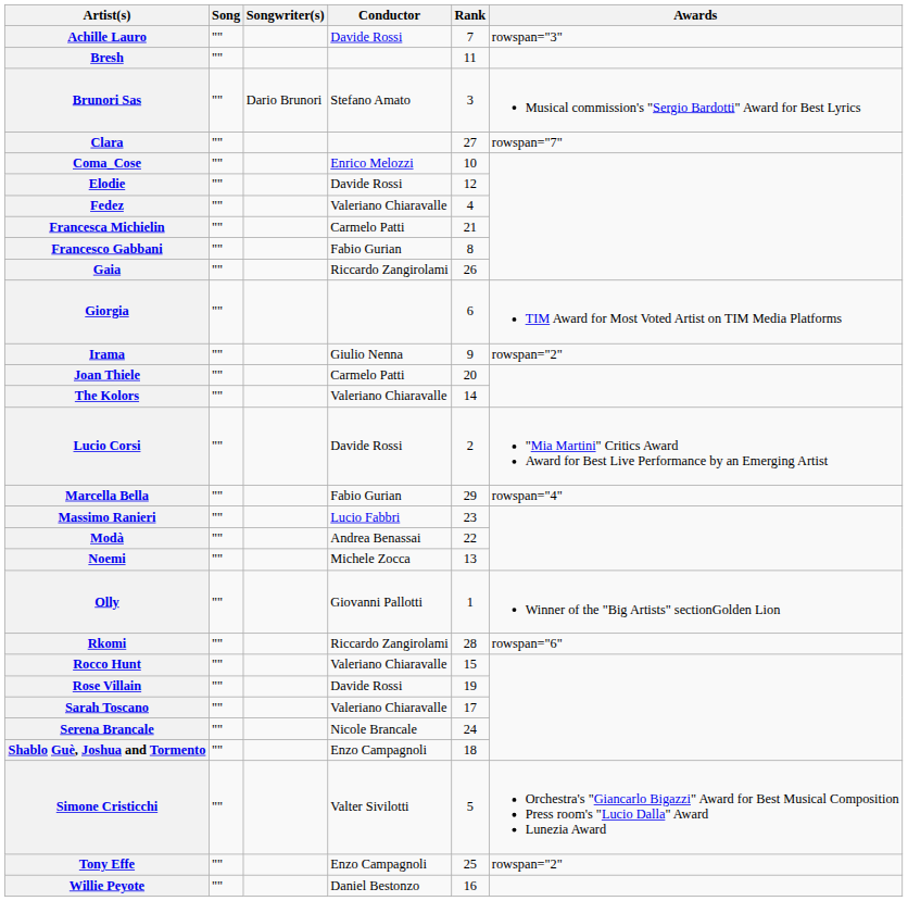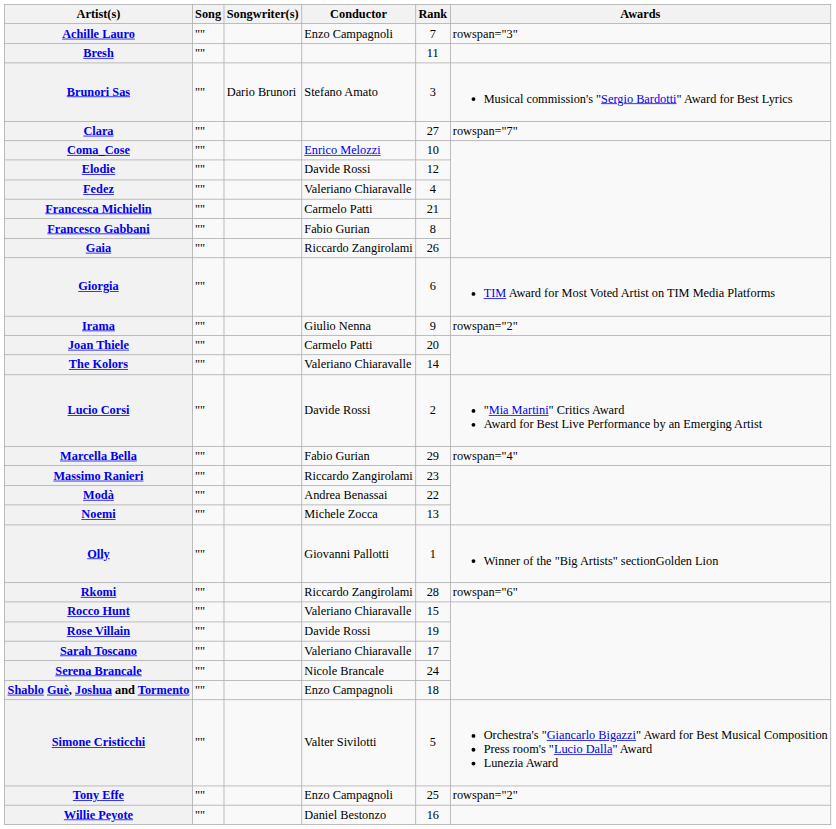 <table class="wikitable sortable plainrowheaders" style="margin: 1em auto 1em auto">
 <tr>
 <th>Artist(s)</th>
 <th>Song</th>
 <th>Songwriter(s)</th>
 <th>Conductor</th>
 <th>Rank</th>
 <th>Awards</th>
 </tr>
 <tr>
 <th scope="row"><a href='#'>Achille Lauro</a></th>
 <td>""</td>
 <td></td>
-<td><a href='#'>Davide Rossi</a></td>
+<td>Enzo Campagnoli</td>
 <td align="center">7</td>
 <td>rowspan="3" </td>
 </tr>
 <tr>
 <th scope="row"><a href='#'>Bresh</a></th>
 <td>""</td>
 <td></td>
 <td></td>
 <td align="center">11</td>
 </tr>
 <tr>
 <th scope="row"><a href='#'>Brunori Sas</a></th>
 <td>""</td>
 <td>Dario Brunori</td>
 <td>Stefano Amato</td>
 <td align="center">3</td>
 <td><br><ul><li>Musical commission's "<a href='#'>Sergio Bardotti</a>" Award for Best Lyrics</li></ul></td>
 </tr>
 <tr>
 <th scope="row"><a href='#'>Clara</a></th>
 <td>""</td>
 <td></td>
 <td></td>
 <td align="center">27</td>
 <td>rowspan="7" </td>
 </tr>
 <tr>
 <th scope="row"><a href='#'>Coma_Cose</a></th>
 <td>""</td>
 <td></td>
 <td><a href='#'>Enrico Melozzi</a></td>
 <td align="center">10</td>
 </tr>
 <tr>
 <th scope="row"><a href='#'>Elodie</a></th>
 <td>""</td>
 <td></td>
 <td>Davide Rossi</td>
 <td align="center">12</td>
 </tr>
 <tr>
 <th scope="row"><a href='#'>Fedez</a></th>
 <td>""</td>
 <td></td>
 <td>Valeriano Chiaravalle</td>
 <td align="center">4</td>
 </tr>
 <tr>
 <th scope="row"><a href='#'>Francesca Michielin</a></th>
 <td>""</td>
 <td></td>
 <td>Carmelo Patti</td>
 <td align="center">21</td>
 </tr>
 <tr>
 <th scope="row"><a href='#'>Francesco Gabbani</a></th>
 <td>""</td>
 <td></td>
 <td>Fabio Gurian</td>
 <td align="center">8</td>
 </tr>
 <tr>
 <th scope="row"><a href='#'>Gaia</a></th>
 <td>""</td>
 <td></td>
 <td>Riccardo Zangirolami</td>
 <td align="center">26</td>
 </tr>
 <tr>
 <th scope="row"><a href='#'>Giorgia</a></th>
 <td>""</td>
 <td></td>
 <td></td>
 <td align="center">6</td>
 <td><br><ul><li><a href='#'>TIM</a> Award for Most Voted Artist on TIM Media Platforms</li></ul></td>
 </tr>
 <tr>
 <th scope="row"><a href='#'>Irama</a></th>
 <td>""</td>
 <td></td>
 <td>Giulio Nenna</td>
 <td align="center">9</td>
 <td>rowspan="2" </td>
 </tr>
 <tr>
 <th scope="row"><a href='#'>Joan Thiele</a></th>
 <td>""</td>
 <td></td>
 <td>Carmelo Patti</td>
 <td align="center">20</td>
 </tr>
 <tr>
 <th scope="row"><a href='#'>The Kolors</a></th>
 <td>""</td>
 <td></td>
 <td>Valeriano Chiaravalle</td>
 <td align="center">14</td>
 </tr>
 <tr>
 <th scope="row"><a href='#'>Lucio Corsi</a></th>
 <td>""</td>
 <td></td>
 <td>Davide Rossi</td>
 <td align="center">2</td>
 <td><br><ul><li>"<a href='#'>Mia Martini</a>" Critics Award</li><li> Award for Best Live Performance by an Emerging Artist</li></ul></td>
 </tr>
 <tr>
 <th scope="row"><a href='#'>Marcella Bella</a></th>
 <td>""</td>
 <td></td>
 <td>Fabio Gurian</td>
 <td align="center">29</td>
 <td>rowspan="4" </td>
 </tr>
 <tr>
 <th scope="row"><a href='#'>Massimo Ranieri</a></th>
 <td>""</td>
 <td></td>
-<td><a href='#'>Lucio Fabbri</a></td>
+<td>Riccardo Zangirolami</td>
 <td align="center">23</td>
 </tr>
 <tr>
 <th scope="row"><a href='#'>Modà</a></th>
 <td>""</td>
 <td></td>
 <td>Andrea Benassai</td>
 <td align="center">22</td>
 </tr>
 <tr>
 <th scope="row"><a href='#'>Noemi</a></th>
 <td>""</td>
 <td></td>
 <td>Michele Zocca</td>
 <td align="center">13</td>
 </tr>
 <tr>
 <th scope="row"><a href='#'>Olly</a></th>
 <td>""</td>
 <td></td>
 <td>Giovanni Pallotti</td>
 <td align="center">1</td>
 <td><br><ul><li>Winner of the "Big Artists" sectionGolden Lion</li></ul></td>
 </tr>
 <tr>
 <th scope="row"><a href='#'>Rkomi</a></th>
 <td>""</td>
 <td></td>
 <td>Riccardo Zangirolami</td>
 <td align="center">28</td>
 <td>rowspan="6" </td>
 </tr>
 <tr>
 <th scope="row"><a href='#'>Rocco Hunt</a></th>
 <td>""</td>
 <td></td>
 <td>Valeriano Chiaravalle</td>
 <td align="center">15</td>
 </tr>
 <tr>
 <th scope="row"><a href='#'>Rose Villain</a></th>
 <td>""</td>
 <td></td>
 <td>Davide Rossi</td>
 <td align="center">19</td>
 </tr>
 <tr>
 <th scope="row"><a href='#'>Sarah Toscano</a></th>
 <td>""</td>
 <td></td>
 <td>Valeriano Chiaravalle</td>
 <td align="center">17</td>
 </tr>
 <tr>
 <th scope="row"><a href='#'>Serena Brancale</a></th>
 <td>""</td>
 <td></td>
 <td>Nicole Brancale</td>
 <td align="center">24</td>
 </tr>
 <tr>
 <th scope="row"><a href='#'>Shablo</a>  <a href='#'>Guè</a>, <a href='#'>Joshua</a> and <a href='#'>Tormento</a></th>
 <td>""</td>
 <td></td>
 <td>Enzo Campagnoli</td>
 <td align="center">18</td>
 </tr>
 <tr>
 <th scope="row"><a href='#'>Simone Cristicchi</a></th>
 <td>""</td>
 <td></td>
 <td>Valter Sivilotti</td>
 <td align="center">5</td>
 <td><br><ul><li>Orchestra's "<a href='#'>Giancarlo Bigazzi</a>" Award for Best Musical Composition</li><li>Press room's "<a href='#'>Lucio Dalla</a>" Award</li><li>Lunezia Award</li></ul></td>
 </tr>
 <tr>
 <th scope="row"><a href='#'>Tony Effe</a></th>
 <td>""</td>
 <td></td>
 <td>Enzo Campagnoli</td>
 <td align="center">25</td>
 <td>rowspan="2" </td>
 </tr>
 <tr>
 <th scope="row"><a href='#'>Willie Peyote</a></th>
 <td>""</td>
 <td></td>
 <td>Daniel Bestonzo</td>
 <td align="center">16</td>
 </tr>
 </table>
